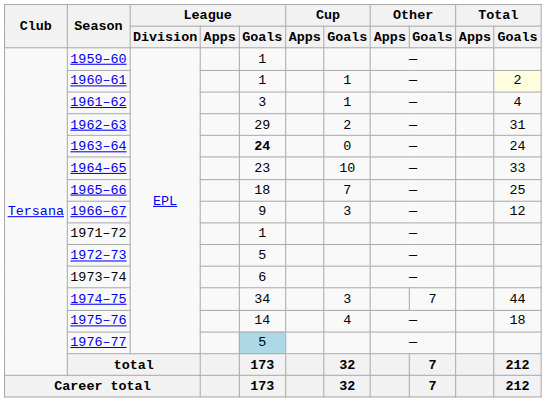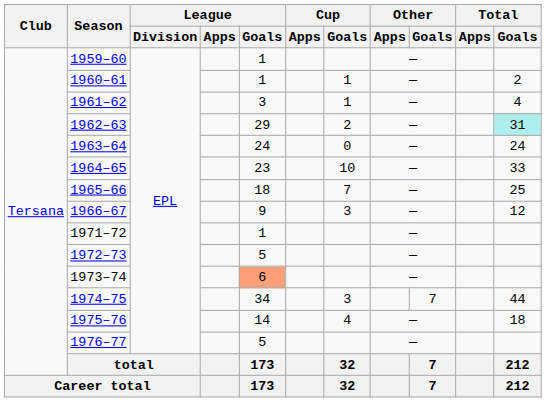 <table class="wikitable" style="text-align:center">
 <tr>
 <th rowspan="2">Club</th>
 <th rowspan="2">Season</th>
 <th colspan="3">League</th>
 <th colspan="2">Cup</th>
 <th colspan="2">Other</th>
 <th colspan="2">Total</th>
 </tr>
 <tr>
 <th>Division</th>
 <th>Apps</th>
 <th>Goals</th>
 <th>Apps</th>
 <th>Goals</th>
 <th>Apps</th>
 <th>Goals</th>
 <th>Apps</th>
 <th>Goals</th>
 </tr>
 <tr align=center>
 <td rowspan="15" align=center valign=center><a href='#'>Tersana</a></td>
 <td><a href='#'>1959–60</a></td>
 <td rowspan="14"><a href='#'>EPL</a></td>
 <td></td>
 <td>1</td>
 <td></td>
 <td></td>
 <td colspan="2">—</td>
 <td></td>
 <td></td>
 </tr>
 <tr>
 <td><a href='#'>1960–61</a></td>
 <td></td>
 <td>1</td>
 <td></td>
 <td>1</td>
 <td colspan="2">—</td>
 <td></td>
-<td style="background: lightyellow;">2</td>
+<td>2</td>
 </tr>
 <tr>
 <td><a href='#'>1961–62</a></td>
 <td></td>
 <td>3</td>
 <td></td>
 <td>1</td>
 <td colspan="2">—</td>
 <td></td>
 <td>4</td>
 </tr>
 <tr>
 <td><a href='#'>1962–63</a></td>
 <td></td>
 <td>29</td>
 <td></td>
 <td>2</td>
 <td colspan="2">—</td>
 <td></td>
-<td>31</td>
+<td style="background: paleturquoise;">31</td>
 </tr>
 <tr>
 <td><a href='#'>1963–64</a></td>
 <td></td>
-<td><strong>24</strong></td>
+<td>24</td>
 <td></td>
 <td>0</td>
 <td colspan="2">—</td>
 <td></td>
 <td>24</td>
 </tr>
 <tr>
 <td><a href='#'>1964–65</a></td>
 <td></td>
 <td>23</td>
 <td></td>
 <td>10</td>
 <td colspan="2">—</td>
 <td></td>
 <td>33</td>
 </tr>
 <tr>
 <td><a href='#'>1965–66</a></td>
 <td></td>
 <td>18</td>
 <td></td>
 <td>7</td>
 <td colspan="2">—</td>
 <td></td>
 <td>25</td>
 </tr>
 <tr>
 <td><a href='#'>1966–67</a></td>
 <td></td>
 <td>9</td>
 <td></td>
 <td>3</td>
 <td colspan="2">—</td>
 <td></td>
 <td>12</td>
 </tr>
 <tr>
 <td 1971–72 Egyptian Premier League>1971–72</td>
 <td></td>
 <td>1</td>
 <td></td>
 <td></td>
 <td colspan="2">—</td>
 <td></td>
 <td></td>
 </tr>
 <tr>
 <td><a href='#'>1972–73</a></td>
 <td></td>
 <td>5</td>
 <td></td>
 <td></td>
 <td colspan="2">—</td>
 <td></td>
 <td></td>
 </tr>
 <tr>
 <td 1973–74 Egyptian Premier League>1973–74</td>
 <td></td>
-<td>6</td>
+<td style="background: lightsalmon;">6</td>
 <td></td>
 <td></td>
 <td colspan="2">—</td>
 <td></td>
 <td></td>
 </tr>
 <tr>
 <td><a href='#'>1974–75</a></td>
 <td></td>
 <td>34</td>
 <td></td>
 <td>3</td>
 <td></td>
 <td>7</td>
 <td></td>
 <td>44</td>
 </tr>
 <tr>
 <td><a href='#'>1975–76</a></td>
 <td></td>
 <td>14</td>
 <td></td>
 <td>4</td>
 <td colspan="2">—</td>
 <td></td>
 <td>18</td>
 </tr>
 <tr>
 <td><a href='#'>1976–77</a></td>
 <td></td>
-<td style="background: lightblue;">5</td>
+<td>5</td>
 <td></td>
 <td></td>
 <td colspan="2">—</td>
 <td></td>
 <td></td>
 </tr>
 <tr align=center>
 <th colspan="2">total</th>
 <th></th>
 <th>173</th>
 <th></th>
 <th>32</th>
 <th></th>
 <th>7</th>
 <th></th>
 <th>212</th>
 </tr>
 <tr align=center>
 <th colspan="3">Career total</th>
 <th></th>
 <th>173</th>
 <th></th>
 <th>32</th>
 <th></th>
 <th>7</th>
 <th></th>
 <th>212</th>
 </tr>
 </table>
